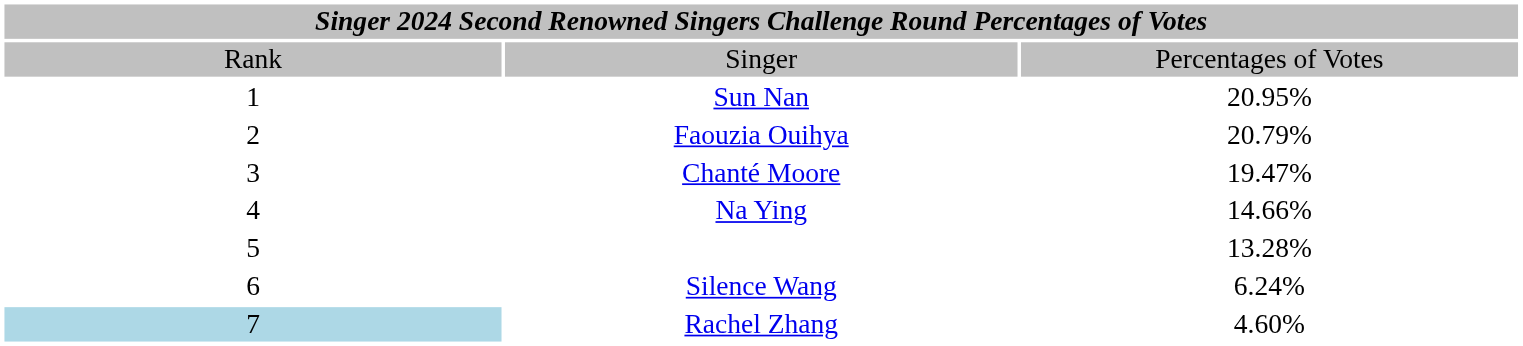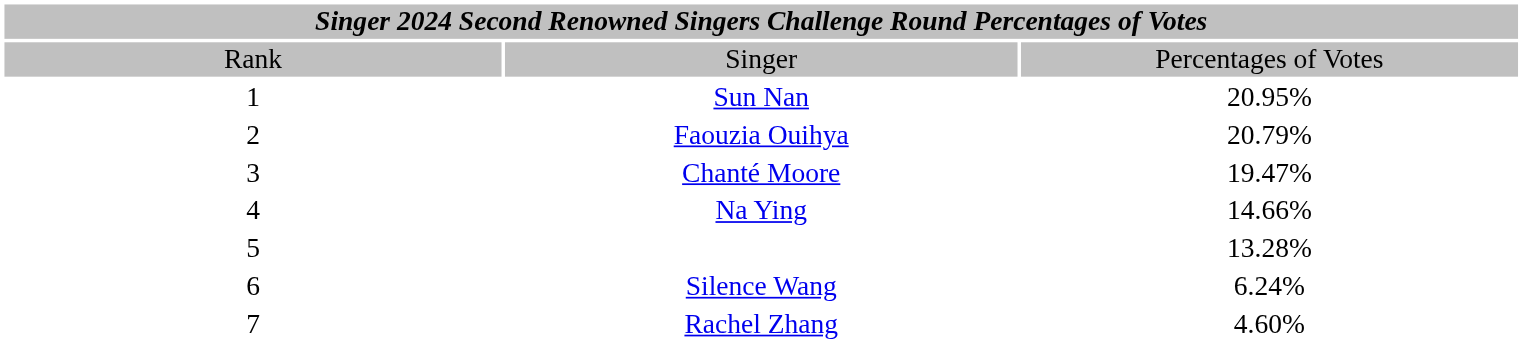 <table width="100%" style="text-align:center">
 <tr align=center style="background:silver">
 <td colspan="3"><div><strong><em>Singer<em> 2024 Second Renowned Singers Challenge Round Percentages of Votes<strong></div></td>
 </tr>
 <tr align=center style="background:silver">
 <td style="width:33%"></strong>Rank<strong></td>
 <td style="width:34%"></strong>Singer<strong></td>
 <td style="width:33%"></strong>Percentages of Votes<strong></td>
 </tr>
 <tr>
 <td>1</td>
 <td><a href='#'>Sun Nan</a></td>
 <td>20.95%</td>
 </tr>
 <tr>
 <td>2</td>
 <td><a href='#'>Faouzia Ouihya</a></td>
 <td>20.79%</td>
 </tr>
 <tr>
 <td>3</td>
 <td><a href='#'>Chanté Moore</a></td>
 <td>19.47%</td>
 </tr>
 <tr>
 <td>4</td>
 <td><a href='#'>Na Ying</a></td>
 <td>14.66%</td>
 </tr>
 <tr>
 <td>5</td>
 <td></td>
 <td>13.28%</td>
 </tr>
 <tr>
 <td>6</td>
 <td><a href='#'>Silence Wang</a></td>
 <td>6.24%</td>
 </tr>
 <tr>
-<td style="background: lightblue;">7</td>
+<td>7</td>
 <td><a href='#'>Rachel Zhang</a></td>
 <td>4.60%</td>
 </tr>
 </table>
